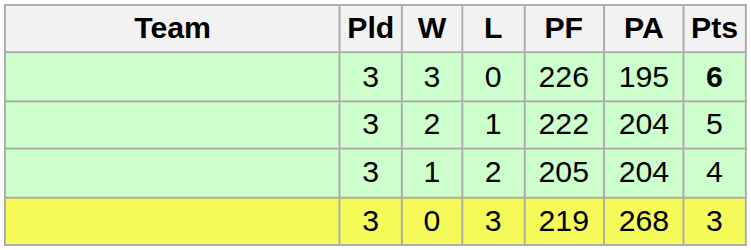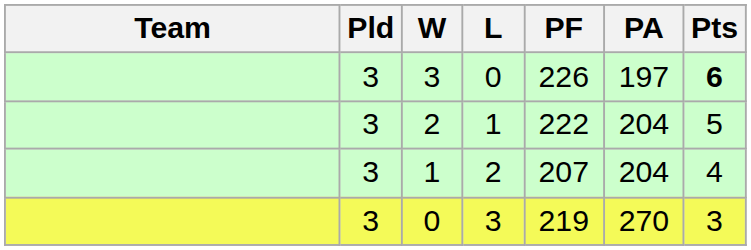 <table class="wikitable" style="text-align:center;">
 <tr>
 <th width=170>Team</th>
 <th width=25>Pld</th>
 <th width=25>W</th>
 <th width=25>L</th>
 <th width=35>PF</th>
 <th width=35>PA</th>
 <th width=25>Pts</th>
 </tr>
 <tr bgcolor=#ccffcc>
 <td align="left"></td>
 <td>3</td>
 <td>3</td>
 <td>0</td>
 <td>226</td>
-<td>195</td>
+<td>197</td>
 <td><strong>6</strong></td>
 </tr>
 <tr bgcolor=#ccffcc>
 <td align="left"></td>
 <td>3</td>
 <td>2</td>
 <td>1</td>
 <td>222</td>
 <td>204</td>
 <td>5</td>
 </tr>
 <tr bgcolor=#ccffcc>
 <td align="left"></td>
 <td>3</td>
 <td>1</td>
 <td>2</td>
-<td>205</td>
+<td>207</td>
 <td>204</td>
 <td>4</td>
 </tr>
 <tr bgcolor=#F4FA58>
 <td align="left"></td>
 <td>3</td>
 <td>0</td>
 <td>3</td>
 <td>219</td>
-<td>268</td>
+<td>270</td>
 <td>3</td>
 </tr>
 </table>
